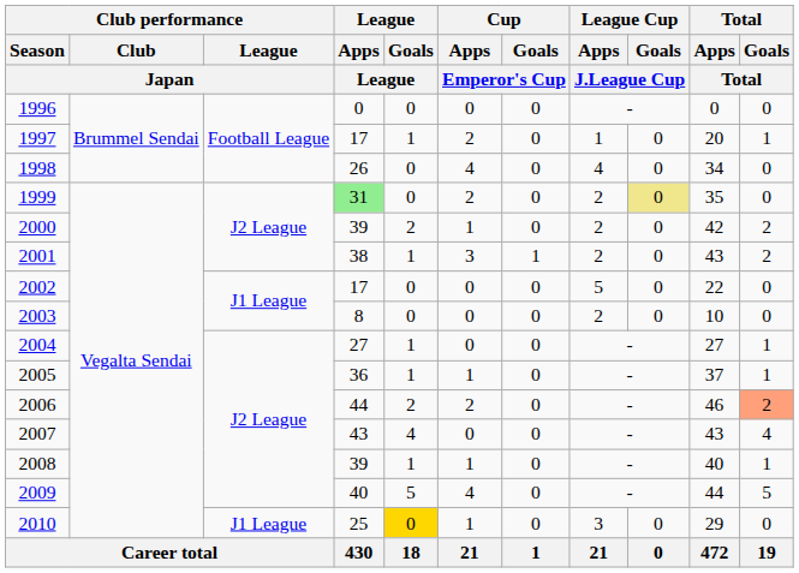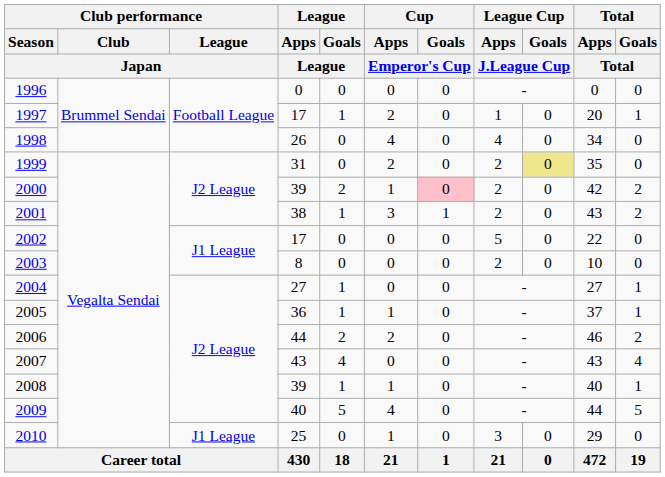 <table class="wikitable" style="text-align:center">
 <tr>
 <th colspan=3>Club performance</th>
 <th colspan=2>League</th>
 <th colspan=2>Cup</th>
 <th colspan=2>League Cup</th>
 <th colspan=2>Total</th>
 </tr>
 <tr>
 <th>Season</th>
 <th>Club</th>
 <th>League</th>
 <th>Apps</th>
 <th>Goals</th>
 <th>Apps</th>
 <th>Goals</th>
 <th>Apps</th>
 <th>Goals</th>
 <th>Apps</th>
 <th>Goals</th>
 </tr>
 <tr>
 <th colspan=3>Japan</th>
 <th colspan=2>League</th>
 <th colspan=2><a href='#'>Emperor's Cup</a></th>
 <th colspan=2><a href='#'>J.League Cup</a></th>
 <th colspan=2>Total</th>
 </tr>
 <tr>
 <td><a href='#'>1996</a></td>
 <td rowspan="3"><a href='#'>Brummel Sendai</a></td>
 <td rowspan="3"><a href='#'>Football League</a></td>
 <td>0</td>
 <td>0</td>
 <td>0</td>
 <td>0</td>
 <td colspan="2">-</td>
 <td>0</td>
 <td>0</td>
 </tr>
 <tr>
 <td><a href='#'>1997</a></td>
 <td>17</td>
 <td>1</td>
 <td>2</td>
 <td>0</td>
 <td>1</td>
 <td>0</td>
 <td>20</td>
 <td>1</td>
 </tr>
 <tr>
 <td><a href='#'>1998</a></td>
 <td>26</td>
 <td>0</td>
 <td>4</td>
 <td>0</td>
 <td>4</td>
 <td>0</td>
 <td>34</td>
 <td>0</td>
 </tr>
 <tr>
 <td><a href='#'>1999</a></td>
 <td rowspan="12"><a href='#'>Vegalta Sendai</a></td>
 <td rowspan="3"><a href='#'>J2 League</a></td>
-<td style="background: lightgreen;">31</td>
+<td>31</td>
 <td>0</td>
 <td>2</td>
 <td>0</td>
 <td>2</td>
 <td style="background: khaki;">0</td>
 <td>35</td>
 <td>0</td>
 </tr>
 <tr>
 <td><a href='#'>2000</a></td>
 <td>39</td>
 <td>2</td>
 <td>1</td>
-<td>0</td>
+<td style="background: pink;">0</td>
 <td>2</td>
 <td>0</td>
 <td>42</td>
 <td>2</td>
 </tr>
 <tr>
 <td><a href='#'>2001</a></td>
 <td>38</td>
 <td>1</td>
 <td>3</td>
 <td>1</td>
 <td>2</td>
 <td>0</td>
 <td>43</td>
 <td>2</td>
 </tr>
 <tr>
 <td><a href='#'>2002</a></td>
 <td rowspan="2"><a href='#'>J1 League</a></td>
 <td>17</td>
 <td>0</td>
 <td>0</td>
 <td>0</td>
 <td>5</td>
 <td>0</td>
 <td>22</td>
 <td>0</td>
 </tr>
 <tr>
 <td><a href='#'>2003</a></td>
 <td>8</td>
 <td>0</td>
 <td>0</td>
 <td>0</td>
 <td>2</td>
 <td>0</td>
 <td>10</td>
 <td>0</td>
 </tr>
 <tr>
 <td><a href='#'>2004</a></td>
 <td rowspan="6"><a href='#'>J2 League</a></td>
 <td>27</td>
 <td>1</td>
 <td>0</td>
 <td>0</td>
 <td colspan="2">-</td>
 <td>27</td>
 <td>1</td>
 </tr>
 <tr>
 <td>2005</td>
 <td>36</td>
 <td>1</td>
 <td>1</td>
 <td>0</td>
 <td colspan="2">-</td>
 <td>37</td>
 <td>1</td>
 </tr>
 <tr>
 <td>2006</td>
 <td>44</td>
 <td>2</td>
 <td>2</td>
 <td>0</td>
 <td colspan="2">-</td>
 <td>46</td>
-<td style="background: lightsalmon;">2</td>
+<td>2</td>
 </tr>
 <tr>
 <td>2007</td>
 <td>43</td>
 <td>4</td>
 <td>0</td>
 <td>0</td>
 <td colspan="2">-</td>
 <td>43</td>
 <td>4</td>
 </tr>
 <tr>
 <td>2008</td>
 <td>39</td>
 <td>1</td>
 <td>1</td>
 <td>0</td>
 <td colspan="2">-</td>
 <td>40</td>
 <td>1</td>
 </tr>
 <tr>
 <td><a href='#'>2009</a></td>
 <td>40</td>
 <td>5</td>
 <td>4</td>
 <td>0</td>
 <td colspan="2">-</td>
 <td>44</td>
 <td>5</td>
 </tr>
 <tr>
 <td><a href='#'>2010</a></td>
 <td><a href='#'>J1 League</a></td>
 <td>25</td>
-<td style="background: gold;">0</td>
+<td>0</td>
 <td>1</td>
 <td>0</td>
 <td>3</td>
 <td>0</td>
 <td>29</td>
 <td>0</td>
 </tr>
 <tr>
 <th colspan=3>Career total</th>
 <th>430</th>
 <th>18</th>
 <th>21</th>
 <th>1</th>
 <th>21</th>
 <th>0</th>
 <th>472</th>
 <th>19</th>
 </tr>
 </table>
